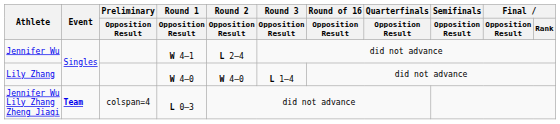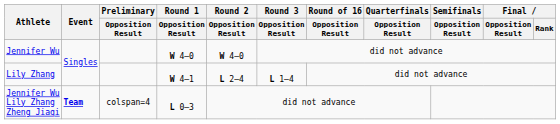 <table class=wikitable style=font-size:90%;text-align:center>
 <tr>
 <th rowspan=2>Athlete</th>
 <th rowspan=2>Event</th>
 <th>Preliminary</th>
 <th>Round 1</th>
 <th>Round 2</th>
 <th>Round 3</th>
 <th>Round of 16</th>
 <th>Quarterfinals</th>
 <th>Semifinals</th>
 <th colspan=2>Final / </th>
 </tr>
 <tr style=font-size:95%>
 <th>Opposition<br>Result</th>
 <th>Opposition<br>Result</th>
 <th>Opposition<br>Result</th>
 <th>Opposition<br>Result</th>
 <th>Opposition<br>Result</th>
 <th>Opposition<br>Result</th>
 <th>Opposition<br>Result</th>
 <th>Opposition<br>Result</th>
 <th>Rank</th>
 </tr>
 <tr>
 <td align=left><a href='#'>Jennifer Wu</a></td>
 <td align=left rowspan=2><a href='#'>Singles</a></td>
 <td></td>
-<td><br><strong>W</strong> 4–1</td>
-<td><br><strong>L</strong> 2–4</td>
+<td><br><strong>W</strong> 4–0</td>
+<td><br><strong>W</strong> 4–0</td>
 <td colspan=6>did not advance</td>
 </tr>
 <tr>
 <td align=left><a href='#'>Lily Zhang</a></td>
 <td></td>
-<td><br><strong>W</strong> 4–0</td>
-<td><br><strong>W</strong> 4–0</td>
+<td><br><strong>W</strong> 4–1</td>
+<td><br><strong>L</strong> 2–4</td>
 <td><br><strong>L</strong> 1–4</td>
 <td colspan=5>did not advance</td>
 </tr>
 <tr>
 <td align=left><a href='#'>Jennifer Wu</a><br><a href='#'>Lily Zhang</a><br><a href='#'>Zheng Jiaqi</a></td>
 <td align=left><strong><a href='#'>Team</a></strong></td>
 <td>colspan=4 </td>
 <td><br><strong>L</strong> 0–3</td>
 <td colspan=4>did not advance</td>
 </tr>
 </table>
